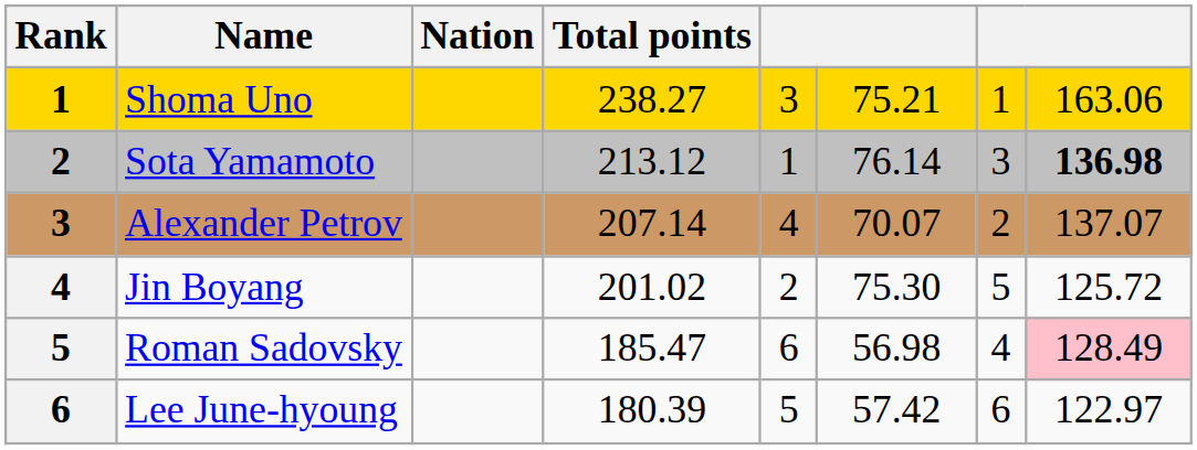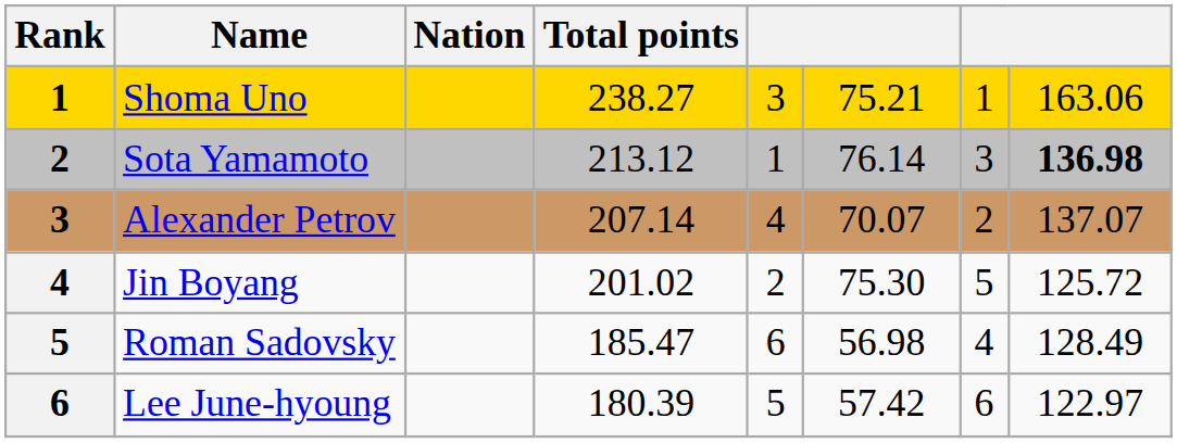 <table class="wikitable sortable">
 <tr>
 <th>Rank</th>
 <th>Name</th>
 <th>Nation</th>
 <th>Total points</th>
 <th colspan="2" width="80px"></th>
 <th colspan="2" width="80px"></th>
 </tr>
 <tr bgcolor="gold">
 <td align="center"><strong>1</strong></td>
 <td><a href='#'>Shoma Uno</a></td>
 <td></td>
 <td align="center">238.27</td>
 <td align="center">3</td>
 <td align="center">75.21</td>
 <td align="center">1</td>
 <td align="center">163.06</td>
 </tr>
 <tr bgcolor="silver">
 <td align="center"><strong>2</strong></td>
 <td><a href='#'>Sota Yamamoto</a></td>
 <td></td>
 <td align="center">213.12</td>
 <td align="center">1</td>
 <td align="center">76.14</td>
 <td align="center">3</td>
 <td align="center"><strong>136.98</strong></td>
 </tr>
 <tr bgcolor="cc9966">
 <td align="center"><strong>3</strong></td>
 <td><a href='#'>Alexander Petrov</a></td>
 <td></td>
 <td align="center">207.14</td>
 <td align="center">4</td>
 <td align="center">70.07</td>
 <td align="center">2</td>
 <td align="center">137.07</td>
 </tr>
 <tr>
 <th>4</th>
 <td><a href='#'>Jin Boyang</a></td>
 <td></td>
 <td align="center">201.02</td>
 <td align="center">2</td>
 <td align="center">75.30</td>
 <td align="center">5</td>
 <td align="center">125.72</td>
 </tr>
 <tr>
 <th>5</th>
 <td><a href='#'>Roman Sadovsky</a></td>
 <td></td>
 <td align="center">185.47</td>
 <td align="center">6</td>
 <td align="center">56.98</td>
 <td align="center">4</td>
-<td align="center" style="background: pink;">128.49</td>
+<td align="center">128.49</td>
 </tr>
 <tr>
 <th>6</th>
 <td><a href='#'>Lee June-hyoung</a></td>
 <td></td>
 <td align="center">180.39</td>
 <td align="center">5</td>
 <td align="center">57.42</td>
 <td align="center">6</td>
 <td align="center">122.97</td>
 </tr>
 </table>
